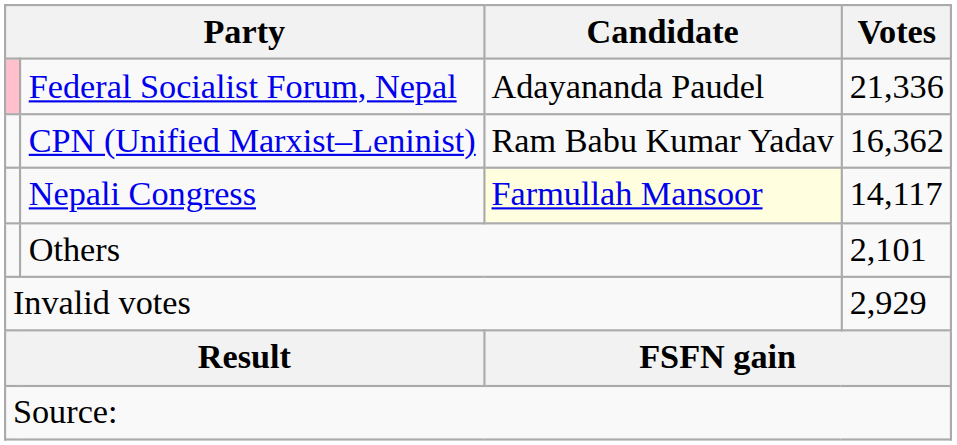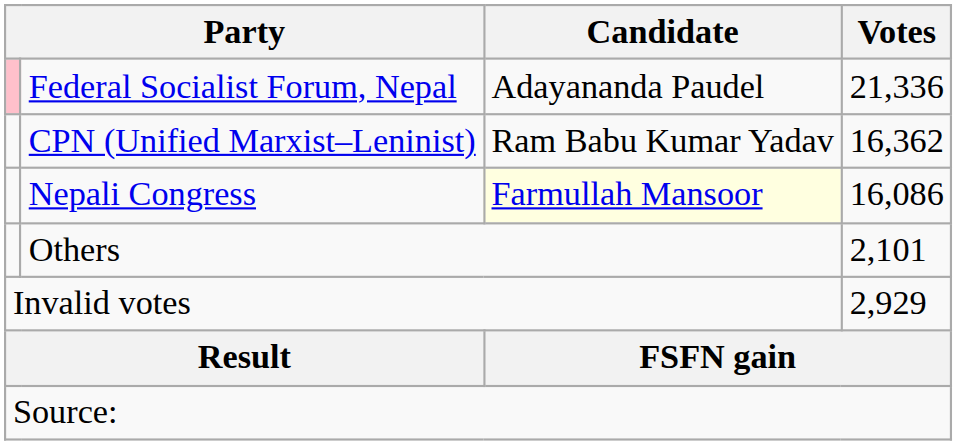 <table class="wikitable">
 <tr>
 <th colspan="2">Party</th>
 <th>Candidate</th>
 <th>Votes</th>
 </tr>
 <tr>
 <td style="background-color:pink"></td>
 <td><a href='#'>Federal Socialist Forum, Nepal</a></td>
 <td>Adayananda Paudel</td>
 <td>21,336</td>
 </tr>
 <tr>
 <td style="background-color:"></td>
 <td><a href='#'>CPN (Unified Marxist–Leninist)</a></td>
 <td>Ram Babu Kumar Yadav</td>
 <td>16,362</td>
 </tr>
 <tr>
 <td style="background-color:"></td>
 <td><a href='#'>Nepali Congress</a></td>
 <td style="background: lightyellow;"><a href='#'>Farmullah Mansoor</a></td>
-<td>14,117</td>
+<td>16,086</td>
 </tr>
 <tr>
 <td></td>
 <td colspan="2">Others</td>
 <td>2,101</td>
 </tr>
 <tr>
 <td colspan="3">Invalid votes</td>
 <td>2,929</td>
 </tr>
 <tr>
 <th colspan="2">Result</th>
 <th colspan="2">FSFN gain</th>
 </tr>
 <tr>
 <td colspan="4">Source: </td>
 </tr>
 </table>
